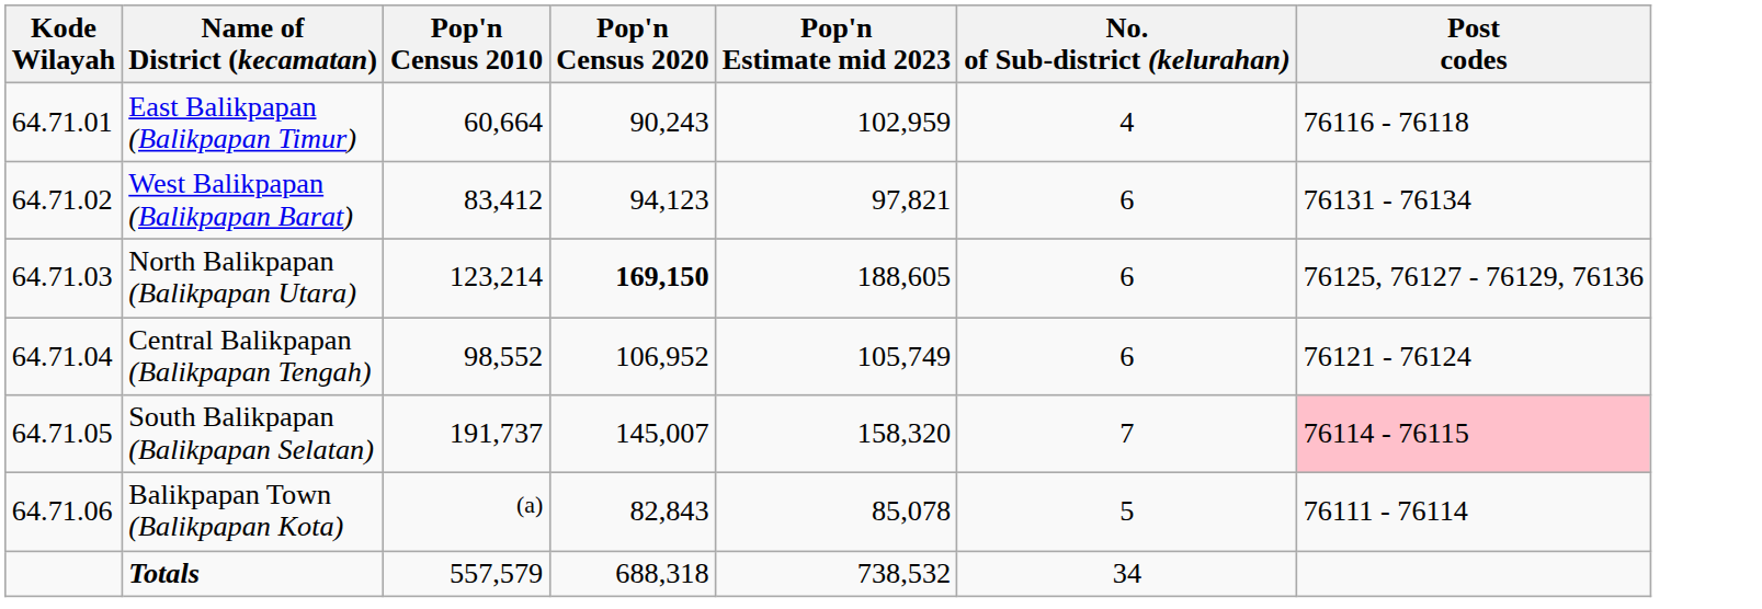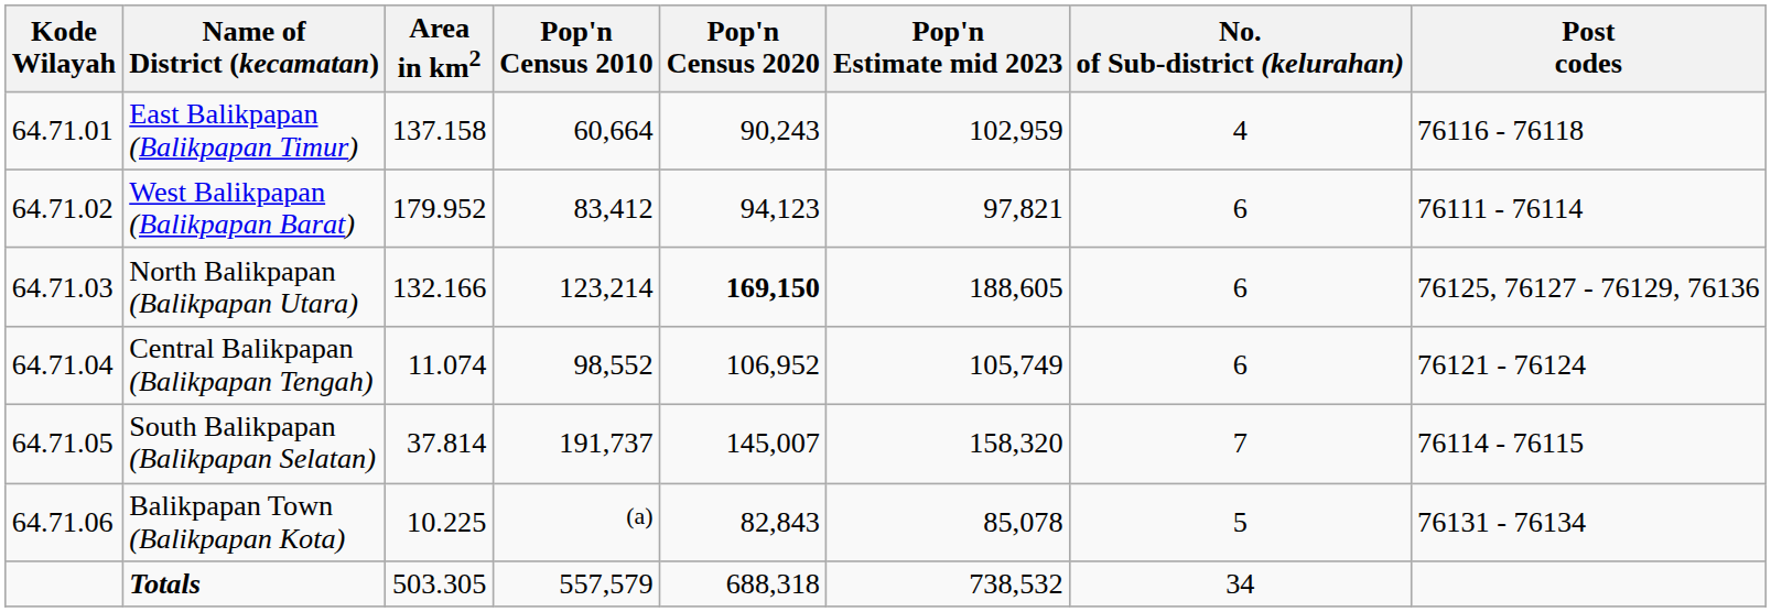 <table class="sortable wikitable">
 <tr>
 <th>Kode<br>Wilayah</th>
 <th>Name of<br>District (<em>kecamatan</em>)</th>
+<th>Area<br>in  km<sup>2</sup></th>
 <th>Pop'n<br>Census 2010</th>
 <th>Pop'n<br>Census 2020</th>
 <th>Pop'n<br>Estimate mid 2023</th>
 <th>No.<br>of Sub-district <em>(kelurahan)</em></th>
 <th>Post<br>codes</th>
 </tr>
 <tr>
 <td>64.71.01</td>
 <td><a href='#'>East Balikpapan</a><br><em>(<a href='#'>Balikpapan Timur</a>)</em></td>
+<td align="right">137.158</td>
 <td align="right">60,664</td>
 <td align="right">90,243</td>
 <td align="right">102,959</td>
 <td align="center">4</td>
 <td>76116 - 76118</td>
 </tr>
 <tr>
 <td>64.71.02</td>
 <td><a href='#'>West Balikpapan</a><br><em>(<a href='#'>Balikpapan Barat</a>)</em></td>
+<td align="right">179.952</td>
 <td align="right">83,412</td>
 <td align="right">94,123</td>
 <td align="right">97,821</td>
 <td align="center">6</td>
-<td>76131 - 76134</td>
+<td>76111 - 76114</td>
 </tr>
 <tr>
 <td>64.71.03</td>
 <td>North Balikpapan<br><em>(Balikpapan Utara)</em></td>
+<td align="right">132.166</td>
 <td align="right">123,214</td>
 <td align="right"><strong>169,150</strong></td>
 <td align="right">188,605</td>
 <td align="center">6</td>
 <td>76125, 76127 - 76129, 76136</td>
 </tr>
 <tr>
 <td>64.71.04</td>
 <td>Central Balikpapan<br><em>(Balikpapan Tengah)</em></td>
+<td align="right">11.074</td>
 <td align="right">98,552</td>
 <td align="right">106,952</td>
 <td align="right">105,749</td>
 <td align="center">6</td>
 <td>76121 - 76124</td>
 </tr>
 <tr>
 <td>64.71.05</td>
 <td>South Balikpapan<br><em>(Balikpapan Selatan)</em></td>
+<td align="right">37.814</td>
 <td align="right">191,737</td>
 <td align="right">145,007</td>
 <td align="right">158,320</td>
 <td align="center">7</td>
-<td style="background: pink;">76114 - 76115</td>
+<td>76114 - 76115</td>
 </tr>
 <tr>
 <td>64.71.06</td>
 <td>Balikpapan Town<br><em>(Balikpapan Kota)</em></td>
+<td align="right">10.225</td>
 <td align="right"><sup>(a)</sup></td>
 <td align="right">82,843</td>
 <td align="right">85,078</td>
 <td align="center">5</td>
-<td>76111 - 76114</td>
+<td>76131 - 76134</td>
 </tr>
 <tr>
 <td></td>
 <td><strong><em>Totals</em></strong></td>
+<td align="right">503.305</td>
 <td align="right">557,579</td>
 <td align="right">688,318</td>
 <td align="right">738,532</td>
 <td align="center">34</td>
 <td></td>
 </tr>
 </table>
